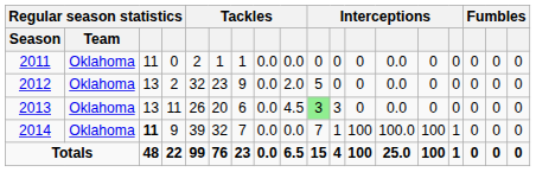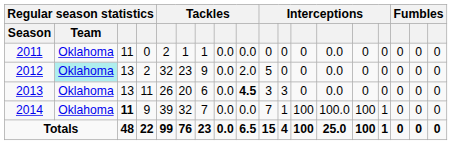 <table class="wikitable" style="text-align:center;">
 <tr>
 <th colspan="4">Regular season statistics</th>
 <th colspan="5">Tackles</th>
 <th colspan="6">Interceptions</th>
 <th colspan="3">Fumbles</th>
 </tr>
 <tr>
 <th>Season</th>
 <th>Team</th>
 <th></th>
 <th></th>
 <th></th>
 <th></th>
 <th></th>
 <th></th>
 <th></th>
 <th></th>
 <th></th>
 <th></th>
 <th></th>
 <th></th>
 <th></th>
 <th></th>
 <th></th>
 <th></th>
 </tr>
 <tr>
 <td><a href='#'>2011</a></td>
 <td><a href='#'>Oklahoma</a></td>
 <td>11</td>
 <td>0</td>
 <td>2</td>
 <td>1</td>
 <td>1</td>
 <td>0.0</td>
 <td>0.0</td>
 <td>0</td>
 <td>0</td>
 <td>0</td>
 <td>0.0</td>
 <td>0</td>
 <td>0</td>
 <td>0</td>
 <td>0</td>
 <td>0</td>
 </tr>
 <tr>
 <td><a href='#'>2012</a></td>
-<td><a href='#'>Oklahoma</a></td>
+<td style="background: paleturquoise;"><a href='#'>Oklahoma</a></td>
 <td>13</td>
 <td>2</td>
 <td>32</td>
 <td>23</td>
 <td>9</td>
 <td>0.0</td>
 <td>2.0</td>
 <td>5</td>
 <td>0</td>
 <td>0</td>
 <td>0.0</td>
 <td>0</td>
 <td>0</td>
 <td>0</td>
 <td>0</td>
 <td>0</td>
 </tr>
 <tr>
 <td><a href='#'>2013</a></td>
 <td><a href='#'>Oklahoma</a></td>
 <td>13</td>
 <td>11</td>
 <td>26</td>
 <td>20</td>
 <td>6</td>
 <td>0.0</td>
-<td>4.5</td>
-<td style="background: lightgreen;">3</td>
+<td><strong>4.5</strong></td>
+<td>3</td>
 <td>3</td>
 <td>0</td>
 <td>0.0</td>
 <td>0</td>
 <td>0</td>
 <td>0</td>
 <td>0</td>
 <td>0</td>
 </tr>
 <tr>
 <td><a href='#'>2014</a></td>
 <td><a href='#'>Oklahoma</a></td>
 <td><strong>11</strong></td>
 <td>9</td>
 <td>39</td>
 <td>32</td>
 <td>7</td>
 <td>0.0</td>
 <td>0.0</td>
 <td>7</td>
 <td>1</td>
 <td>100</td>
 <td>100.0</td>
 <td>100</td>
 <td>1</td>
 <td>0</td>
 <td>0</td>
 <td>0</td>
 </tr>
 <tr>
 <td colspan="2"><strong>Totals</strong></td>
 <td><strong>48</strong></td>
 <td><strong>22</strong></td>
 <td><strong>99</strong></td>
 <td><strong>76</strong></td>
 <td><strong>23</strong></td>
 <td><strong>0.0</strong></td>
 <td><strong>6.5</strong></td>
 <td><strong>15</strong></td>
 <td><strong>4</strong></td>
 <td><strong>100</strong></td>
 <td><strong>25.0</strong></td>
 <td><strong>100</strong></td>
 <td><strong>1</strong></td>
 <td><strong>0</strong></td>
 <td><strong>0</strong></td>
 <td><strong>0</strong></td>
 </tr>
 </table>
